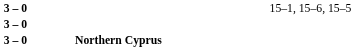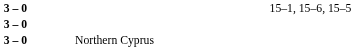 <table width=100% cellspacing=1>
 <tr>
 <th width=20%></th>
 <th width=12%></th>
 <th width=20%></th>
 <th width=33%></th>
 <td></td>
 </tr>
 <tr style=font-size:95%>
 <td align=right><strong></strong></td>
 <td align=center><strong>3 – 0</strong></td>
 <td></td>
 <td>15–1, 15–6, 15–5</td>
 <td></td>
 </tr>
 <tr style=font-size:95%>
 <td align=right><strong></strong></td>
 <td align=center><strong>3 – 0</strong></td>
 <td></td>
 <td></td>
 </tr>
 <tr style=font-size:95%>
 <td align=right><strong></strong></td>
 <td align=center><strong>3 – 0</strong></td>
-<td><strong> Northern Cyprus</strong></td>
+<td> Northern Cyprus</td>
 <td></td>
 </tr>
 </table>
